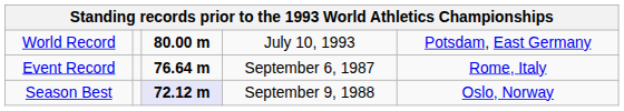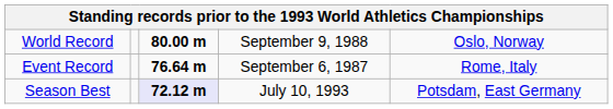 <table class="wikitable" style=" text-align:center; font-size:110%;" width="80%">
 <tr>
 <th colspan="5">Standing records prior to the 1993 World Athletics Championships</th>
 </tr>
 <tr>
 <td><a href='#'>World Record</a></td>
 <td></td>
 <td><strong>80.00 m</strong></td>
-<td>July 10, 1993</td>
-<td> <a href='#'>Potsdam</a>, <a href='#'>East Germany</a></td>
+<td>September 9, 1988</td>
+<td> <a href='#'>Oslo, Norway</a></td>
 </tr>
 <tr>
 <td><a href='#'>Event Record</a></td>
 <td></td>
 <td><strong>76.64 m</strong></td>
 <td>September 6, 1987</td>
 <td> <a href='#'>Rome, Italy</a></td>
 </tr>
 <tr>
 <td><a href='#'>Season Best</a></td>
 <td></td>
 <td style="background: lavender;"><strong>72.12 m</strong></td>
-<td>September 9, 1988</td>
-<td> <a href='#'>Oslo, Norway</a></td>
+<td>July 10, 1993</td>
+<td> <a href='#'>Potsdam</a>, <a href='#'>East Germany</a></td>
 </tr>
 </table>
